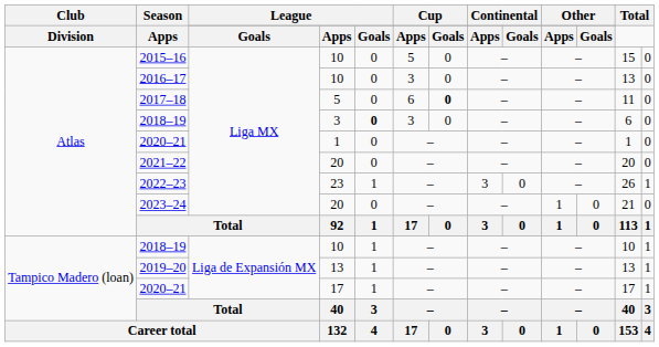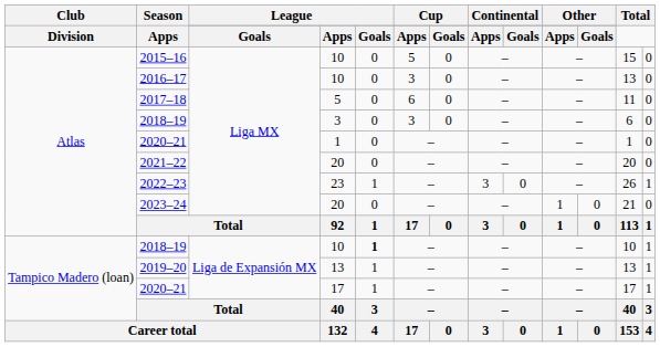 <table class=wikitable style=text-align:center>
 <tr>
 <th rowspan=2>Club</th>
 <th rowspan=2>Season</th>
 <th colspan=3>League</th>
 <th colspan=2>Cup</th>
 <th colspan=2>Continental</th>
 <th colspan=2>Other</th>
 <th colspan=2>Total</th>
 </tr>
 <tr>
 </tr>
 <tr>
 <th>Division</th>
 <th>Apps</th>
 <th>Goals</th>
 <th>Apps</th>
 <th>Goals</th>
 <th>Apps</th>
 <th>Goals</th>
 <th>Apps</th>
 <th>Goals</th>
 <th>Apps</th>
 <th>Goals</th>
 </tr>
 <tr>
 <td rowspan="9"><a href='#'>Atlas</a></td>
 <td><a href='#'>2015–16</a></td>
 <td rowspan="8"><a href='#'>Liga MX</a></td>
 <td>10</td>
 <td>0</td>
 <td>5</td>
 <td>0</td>
 <td colspan="2">–</td>
 <td colspan="2">–</td>
 <td>15</td>
 <td>0</td>
 </tr>
 <tr>
 <td><a href='#'>2016–17</a></td>
 <td>10</td>
 <td>0</td>
 <td>3</td>
 <td>0</td>
 <td colspan="2">–</td>
 <td colspan="2">–</td>
 <td>13</td>
 <td>0</td>
 </tr>
 <tr>
 <td><a href='#'>2017–18</a></td>
 <td>5</td>
 <td>0</td>
 <td>6</td>
-<td><strong>0</strong></td>
+<td>0</td>
 <td colspan="2">–</td>
 <td colspan="2">–</td>
 <td>11</td>
 <td>0</td>
 </tr>
 <tr>
 <td><a href='#'>2018–19</a></td>
 <td>3</td>
-<td><strong>0</strong></td>
+<td>0</td>
 <td>3</td>
 <td>0</td>
 <td colspan="2">–</td>
 <td colspan="2">–</td>
 <td>6</td>
 <td>0</td>
 </tr>
 <tr>
 <td><a href='#'>2020–21</a></td>
 <td>1</td>
 <td>0</td>
 <td colspan="2">–</td>
 <td colspan="2">–</td>
 <td colspan="2">–</td>
 <td>1</td>
 <td>0</td>
 </tr>
 <tr>
 <td><a href='#'>2021–22</a></td>
 <td>20</td>
 <td>0</td>
 <td colspan="2">–</td>
 <td colspan="2">–</td>
 <td colspan="2">–</td>
 <td>20</td>
 <td>0</td>
 </tr>
 <tr>
 <td><a href='#'>2022–23</a></td>
 <td>23</td>
 <td>1</td>
 <td colspan="2">–</td>
 <td>3</td>
 <td>0</td>
 <td colspan="2">–</td>
 <td>26</td>
 <td>1</td>
 </tr>
 <tr>
 <td><a href='#'>2023–24</a></td>
 <td>20</td>
 <td>0</td>
 <td colspan="2">–</td>
 <td colspan="2">–</td>
 <td>1</td>
 <td>0</td>
 <td>21</td>
 <td>0</td>
 </tr>
 <tr>
 <th colspan="2">Total</th>
 <th>92</th>
 <th>1</th>
 <th>17</th>
 <th>0</th>
 <th>3</th>
 <th>0</th>
 <th>1</th>
 <th>0</th>
 <th>113</th>
 <th>1</th>
 </tr>
 <tr>
 <td rowspan="4"><a href='#'>Tampico Madero</a> (loan)</td>
 <td><a href='#'>2018–19</a></td>
 <td rowspan="3"><a href='#'>Liga de Expansión MX</a></td>
 <td>10</td>
-<td>1</td>
+<td><strong>1</strong></td>
 <td colspan="2">–</td>
 <td colspan="2">–</td>
 <td colspan="2">–</td>
 <td>10</td>
 <td>1</td>
 </tr>
 <tr>
 <td><a href='#'>2019–20</a></td>
 <td>13</td>
 <td>1</td>
 <td colspan="2">–</td>
 <td colspan="2">–</td>
 <td colspan="2">–</td>
 <td>13</td>
 <td>1</td>
 </tr>
 <tr>
 <td><a href='#'>2020–21</a></td>
 <td>17</td>
 <td>1</td>
 <td colspan="2">–</td>
 <td colspan="2">–</td>
 <td colspan="2">–</td>
 <td>17</td>
 <td>1</td>
 </tr>
 <tr>
 <th colspan="2">Total</th>
 <th>40</th>
 <th>3</th>
 <th colspan="2">–</th>
 <th colspan="2">–</th>
 <th colspan="2">–</th>
 <th>40</th>
 <th>3</th>
 </tr>
 <tr>
 <th colspan=3>Career total</th>
 <th>132</th>
 <th>4</th>
 <th>17</th>
 <th>0</th>
 <th>3</th>
 <th>0</th>
 <th>1</th>
 <th>0</th>
 <th>153</th>
 <th>4</th>
 </tr>
 </table>
